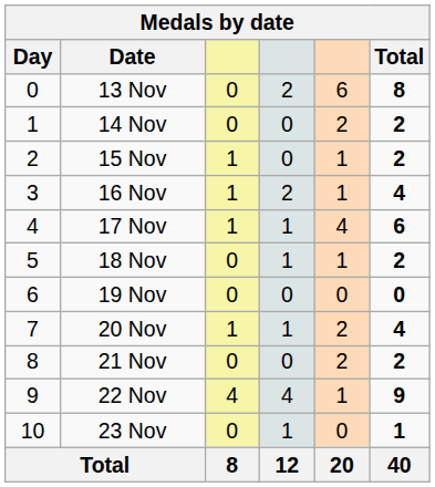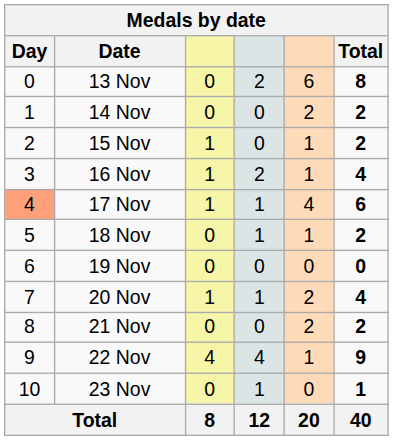 <table class="wikitable" style="font-size:90%; text-align:center;">
 <tr style="background:#efefef;">
 <th colspan=6><strong>Medals by date</strong></th>
 </tr>
 <tr>
 <th width=30><strong>Day</strong></th>
 <th width=90><strong>Date</strong></th>
 <th width=30 style="background:#F7F6A8;"></th>
 <th width=30 style="background:#DCE5E5;"></th>
 <th width=30 style="background:#FFDAB9;"></th>
 <th width=30><strong>Total</strong></th>
 </tr>
 <tr>
 <td>0</td>
 <td>13 Nov</td>
 <td style="background:#F7F6A8;">0</td>
 <td style="background:#DCE5E5;">2</td>
 <td style="background:#FFDAB9;">6</td>
 <td><strong>8</strong></td>
 </tr>
 <tr>
 <td>1</td>
 <td>14 Nov</td>
 <td style="background:#F7F6A8;">0</td>
 <td style="background:#DCE5E5;">0</td>
 <td style="background:#FFDAB9;">2</td>
 <td><strong>2</strong></td>
 </tr>
 <tr>
 <td>2</td>
 <td>15 Nov</td>
 <td style="background:#F7F6A8;">1</td>
 <td style="background:#DCE5E5;">0</td>
 <td style="background:#FFDAB9;">1</td>
 <td><strong>2</strong></td>
 </tr>
 <tr>
 <td>3</td>
 <td>16 Nov</td>
 <td style="background:#F7F6A8;">1</td>
 <td style="background:#DCE5E5;">2</td>
 <td style="background:#FFDAB9;">1</td>
 <td><strong>4</strong></td>
 </tr>
 <tr>
-<td>4</td>
+<td style="background: lightsalmon;">4</td>
 <td>17 Nov</td>
 <td style="background:#F7F6A8;">1</td>
 <td style="background:#DCE5E5;">1</td>
 <td style="background:#FFDAB9;">4</td>
 <td><strong>6</strong></td>
 </tr>
 <tr>
 <td>5</td>
 <td>18 Nov</td>
 <td style="background:#F7F6A8;">0</td>
 <td style="background:#DCE5E5;">1</td>
 <td style="background:#FFDAB9;">1</td>
 <td><strong>2</strong></td>
 </tr>
 <tr>
 <td>6</td>
 <td>19 Nov</td>
 <td style="background:#F7F6A8;">0</td>
 <td style="background:#DCE5E5;">0</td>
 <td style="background:#FFDAB9;">0</td>
 <td><strong>0</strong></td>
 </tr>
 <tr>
 <td>7</td>
 <td>20 Nov</td>
 <td style="background:#F7F6A8;">1</td>
 <td style="background:#DCE5E5;">1</td>
 <td style="background:#FFDAB9;">2</td>
 <td><strong>4</strong></td>
 </tr>
 <tr>
 <td>8</td>
 <td>21 Nov</td>
 <td style="background:#F7F6A8;">0</td>
 <td style="background:#DCE5E5;">0</td>
 <td style="background:#FFDAB9;">2</td>
 <td><strong>2</strong></td>
 </tr>
 <tr>
 <td>9</td>
 <td>22 Nov</td>
 <td style="background:#F7F6A8;">4</td>
 <td style="background:#DCE5E5;">4</td>
 <td style="background:#FFDAB9;">1</td>
 <td><strong>9</strong></td>
 </tr>
 <tr>
 <td>10</td>
 <td>23 Nov</td>
 <td style="background:#F7F6A8;">0</td>
 <td style="background:#DCE5E5;">1</td>
 <td style="background:#FFDAB9;">0</td>
 <td><strong>1</strong></td>
 </tr>
 <tr>
 <th colspan="2"><strong>Total</strong></th>
 <th><strong>8</strong></th>
 <th><strong>12</strong></th>
 <th><strong>20</strong></th>
 <th><strong>40</strong></th>
 </tr>
 </table>
